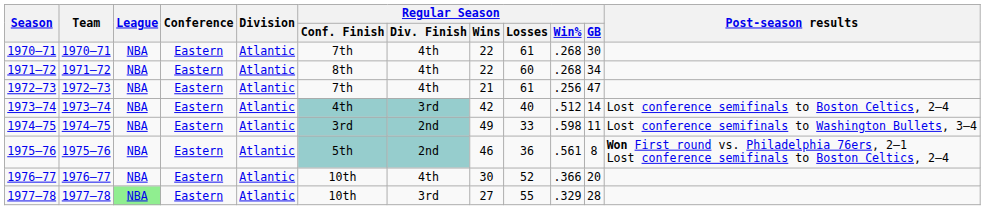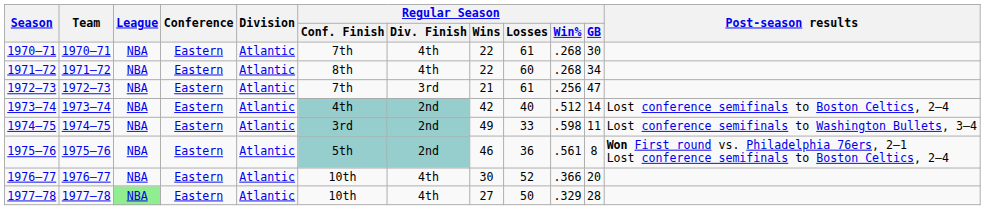 <table class="wikitable sortable" style="font-size:95%;">
 <tr>
 <th rowspan="2"><a href='#'>Season</a></th>
 <th rowspan="2">Team</th>
 <th rowspan="2"><a href='#'>League</a></th>
 <th rowspan="2">Conference</th>
 <th rowspan="2">Division</th>
 <th colspan="6"><a href='#'>Regular Season</a></th>
 <th rowspan="2"><a href='#'>Post-season</a> results</th>
 </tr>
 <tr>
 <th>Conf. Finish</th>
 <th>Div. Finish</th>
 <th>Wins</th>
 <th>Losses</th>
 <th><a href='#'>Win%</a></th>
 <th><a href='#'>GB</a></th>
 </tr>
 <tr>
 <td style="text-align:center;"><a href='#'>1970–71</a></td>
 <td style="text-align:center;"><a href='#'>1970–71</a></td>
 <td style="text-align:center;"><a href='#'>NBA</a></td>
 <td style="text-align:center;"><a href='#'>Eastern</a></td>
 <td style="text-align:center;"><a href='#'>Atlantic</a></td>
 <td style="text-align:center;">7th</td>
 <td style="text-align:center;">4th</td>
 <td style="text-align:center;">22</td>
 <td style="text-align:center;">61</td>
 <td style="text-align:center;">.268</td>
 <td style="text-align:center;">30</td>
 <td></td>
 </tr>
 <tr>
 <td style="text-align:center;"><a href='#'>1971–72</a></td>
 <td style="text-align:center;"><a href='#'>1971–72</a></td>
 <td style="text-align:center;"><a href='#'>NBA</a></td>
 <td style="text-align:center;"><a href='#'>Eastern</a></td>
 <td style="text-align:center;"><a href='#'>Atlantic</a></td>
 <td style="text-align:center;">8th</td>
 <td style="text-align:center;">4th</td>
 <td style="text-align:center;">22</td>
 <td style="text-align:center;">60</td>
 <td style="text-align:center;">.268</td>
 <td style="text-align:center;">34</td>
 <td></td>
 </tr>
 <tr>
 <td style="text-align:center;"><a href='#'>1972–73</a></td>
 <td style="text-align:center;"><a href='#'>1972–73</a></td>
 <td style="text-align:center;"><a href='#'>NBA</a></td>
 <td style="text-align:center;"><a href='#'>Eastern</a></td>
 <td style="text-align:center;"><a href='#'>Atlantic</a></td>
 <td style="text-align:center;">7th</td>
-<td style="text-align:center;">4th</td>
+<td style="text-align:center;">3rd</td>
 <td style="text-align:center;">21</td>
 <td style="text-align:center;">61</td>
 <td style="text-align:center;">.256</td>
 <td style="text-align:center;">47</td>
 <td></td>
 </tr>
 <tr>
 <td style="text-align:center;"><a href='#'>1973–74</a></td>
 <td style="text-align:center;"><a href='#'>1973–74</a></td>
 <td style="text-align:center;"><a href='#'>NBA</a></td>
 <td style="text-align:center;"><a href='#'>Eastern</a></td>
 <td style="text-align:center;"><a href='#'>Atlantic</a></td>
 <td style="text-align:center;" bgcolor="#96CDCD">4th</td>
-<td style="text-align:center;" bgcolor="#96CDCD">3rd</td>
+<td style="text-align:center;" bgcolor="#96CDCD">2nd</td>
 <td style="text-align:center;">42</td>
 <td style="text-align:center;">40</td>
 <td style="text-align:center;">.512</td>
 <td style="text-align:center;">14</td>
 <td>Lost <a href='#'>conference semifinals</a> to <a href='#'>Boston Celtics</a>, 2–4</td>
 </tr>
 <tr>
 <td style="text-align:center;"><a href='#'>1974–75</a></td>
 <td style="text-align:center;"><a href='#'>1974–75</a></td>
 <td style="text-align:center;"><a href='#'>NBA</a></td>
 <td style="text-align:center;"><a href='#'>Eastern</a></td>
 <td style="text-align:center;"><a href='#'>Atlantic</a></td>
 <td style="text-align:center;" bgcolor="#96CDCD">3rd</td>
 <td style="text-align:center;" bgcolor="#96CDCD">2nd</td>
 <td style="text-align:center;">49</td>
 <td style="text-align:center;">33</td>
 <td style="text-align:center;">.598</td>
 <td style="text-align:center;">11</td>
 <td>Lost <a href='#'>conference semifinals</a> to <a href='#'>Washington Bullets</a>, 3–4</td>
 </tr>
 <tr>
 <td style="text-align:center;"><a href='#'>1975–76</a></td>
 <td style="text-align:center;"><a href='#'>1975–76</a></td>
 <td style="text-align:center;"><a href='#'>NBA</a></td>
 <td style="text-align:center;"><a href='#'>Eastern</a></td>
 <td style="text-align:center;"><a href='#'>Atlantic</a></td>
 <td style="text-align:center;" bgcolor="#96CDCD">5th</td>
 <td style="text-align:center;" bgcolor="#96CDCD">2nd</td>
 <td style="text-align:center;">46</td>
 <td style="text-align:center;">36</td>
 <td style="text-align:center;">.561</td>
 <td style="text-align:center;">8</td>
 <td><strong>Won</strong> <a href='#'>First round</a> vs. <a href='#'>Philadelphia 76ers</a>, 2–1 <br> Lost <a href='#'>conference semifinals</a> to <a href='#'>Boston Celtics</a>, 2–4</td>
 </tr>
 <tr>
 <td style="text-align:center;"><a href='#'>1976–77</a></td>
 <td style="text-align:center;"><a href='#'>1976–77</a></td>
 <td style="text-align:center;"><a href='#'>NBA</a></td>
 <td style="text-align:center;"><a href='#'>Eastern</a></td>
 <td style="text-align:center;"><a href='#'>Atlantic</a></td>
 <td style="text-align:center;">10th</td>
 <td style="text-align:center;">4th</td>
 <td style="text-align:center;">30</td>
 <td style="text-align:center;">52</td>
 <td style="text-align:center;">.366</td>
 <td style="text-align:center;">20</td>
 <td></td>
 </tr>
 <tr>
 <td style="text-align:center;"><a href='#'>1977–78</a></td>
 <td style="text-align:center;"><a href='#'>1977–78</a></td>
 <td style="background: lightgreen; text-align:center;"><a href='#'>NBA</a></td>
 <td style="text-align:center;"><a href='#'>Eastern</a></td>
 <td style="text-align:center;"><a href='#'>Atlantic</a></td>
 <td style="text-align:center;">10th</td>
-<td style="text-align:center;">3rd</td>
+<td style="text-align:center;">4th</td>
 <td style="text-align:center;">27</td>
-<td style="text-align:center;">55</td>
+<td style="text-align:center;">50</td>
 <td style="text-align:center;">.329</td>
 <td style="text-align:center;">28</td>
 <td></td>
 </tr>
 </table>
